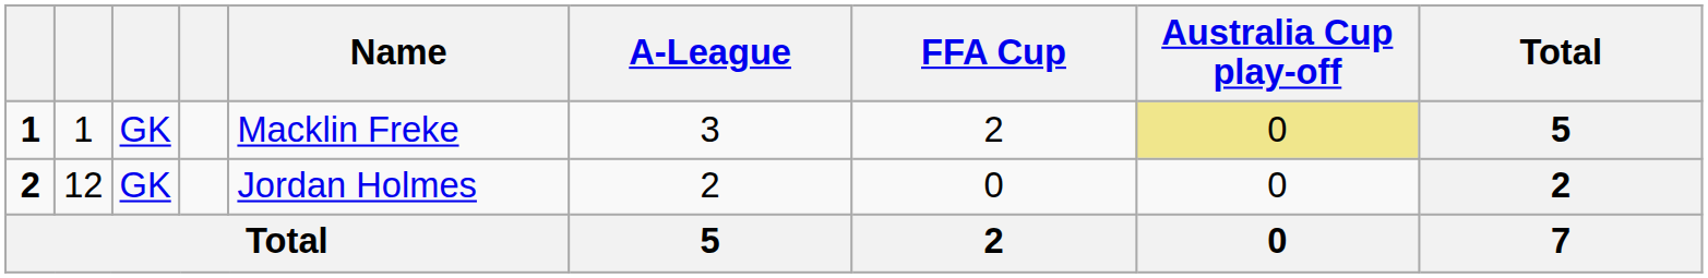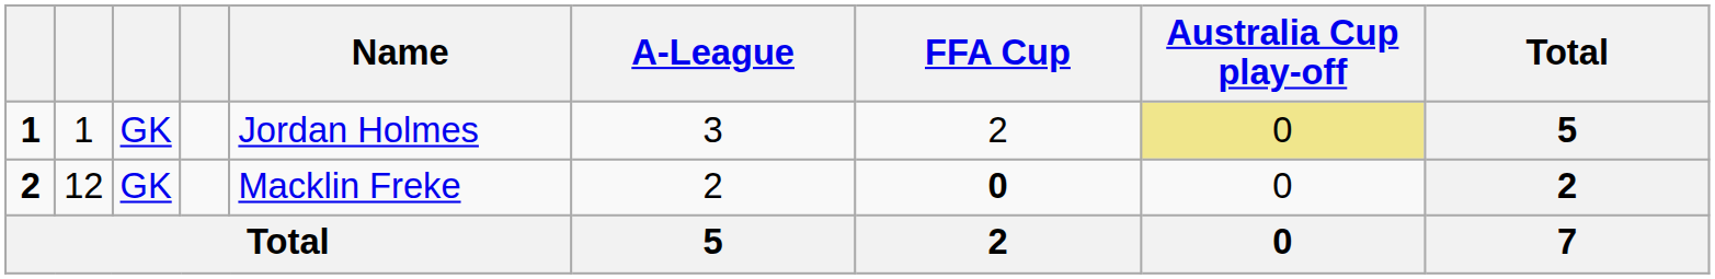 <table class="wikitable" style="text-align:center">
 <tr>
 <th width=15></th>
 <th width=15></th>
 <th width=15></th>
 <th width=15></th>
 <th width="145">Name</th>
 <th width=120><a href='#'>A-League</a></th>
 <th width=120><a href='#'>FFA Cup</a></th>
 <th width=120><a href='#'>Australia Cup play-off</a></th>
 <th width=120>Total</th>
 </tr>
 <tr>
 <td><strong>1</strong></td>
 <td>1</td>
 <td><a href='#'>GK</a></td>
 <td></td>
-<td align="left"><a href='#'>Macklin Freke</a></td>
+<td align="left"><a href='#'>Jordan Holmes</a></td>
 <td>3</td>
 <td>2</td>
 <td style="background: khaki;">0</td>
 <th>5</th>
 </tr>
 <tr>
 <td><strong>2</strong></td>
 <td>12</td>
 <td><a href='#'>GK</a></td>
 <td></td>
-<td align="left"><a href='#'>Jordan Holmes</a></td>
+<td align="left"><a href='#'>Macklin Freke</a></td>
 <td>2</td>
-<td>0</td>
+<td><strong>0</strong></td>
 <td>0</td>
 <th>2</th>
 </tr>
 <tr>
 <th colspan="5">Total</th>
 <th>5</th>
 <th>2</th>
 <th>0</th>
 <th>7</th>
 </tr>
 </table>
